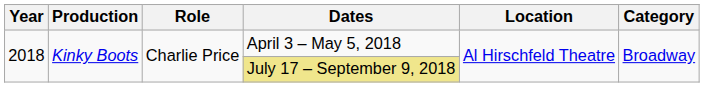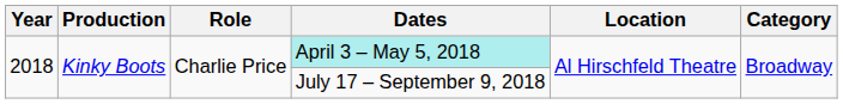 <table class="wikitable">
 <tr>
 <th>Year</th>
 <th>Production</th>
 <th>Role</th>
 <th>Dates</th>
 <th>Location</th>
 <th>Category</th>
 </tr>
 <tr>
 <td rowspan="2">2018</td>
 <td rowspan="2"><em><a href='#'>Kinky Boots</a></em></td>
 <td rowspan="2">Charlie Price</td>
-<td>April 3 – May 5, 2018</td>
+<td style="background: paleturquoise;">April 3 – May 5, 2018</td>
 <td rowspan="2"><a href='#'>Al Hirschfeld Theatre</a></td>
 <td rowspan="2"><a href='#'>Broadway</a></td>
 </tr>
 <tr>
-<td style="background: khaki;">July 17 – September 9, 2018</td>
+<td>July 17 – September 9, 2018</td>
 </tr>
 </table>
